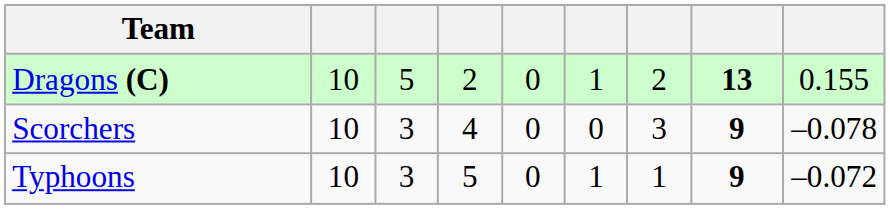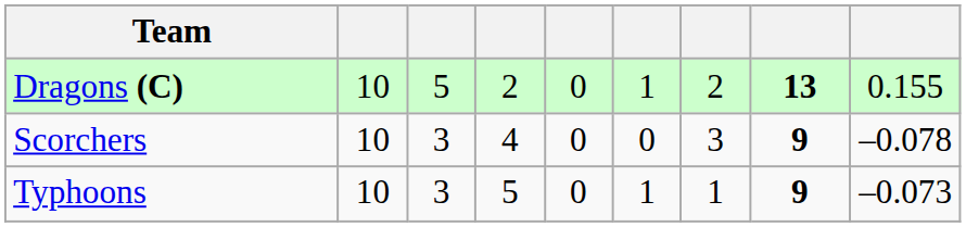 <table class="wikitable" style="text-align:center">
 <tr>
 <th width="150">Team</th>
 <th width="25"></th>
 <th width="25"></th>
 <th width="25"></th>
 <th width="25"></th>
 <th width="25"></th>
 <th width="25"></th>
 <th width="40"></th>
 <th width="45"></th>
 </tr>
 <tr style="background:#cfc">
 <td style="text-align:left"><a href='#'>Dragons</a> <strong>(C)</strong></td>
 <td>10</td>
 <td>5</td>
 <td>2</td>
 <td>0</td>
 <td>1</td>
 <td>2</td>
 <td><strong>13</strong></td>
 <td>0.155</td>
 </tr>
 <tr>
 <td style="text-align:left"><a href='#'>Scorchers</a></td>
 <td>10</td>
 <td>3</td>
 <td>4</td>
 <td>0</td>
 <td>0</td>
 <td>3</td>
 <td><strong>9</strong></td>
 <td>–0.078</td>
 </tr>
 <tr>
 <td style="text-align:left"><a href='#'>Typhoons</a></td>
 <td>10</td>
 <td>3</td>
 <td>5</td>
 <td>0</td>
 <td>1</td>
 <td>1</td>
 <td><strong>9</strong></td>
-<td>–0.072</td>
+<td>–0.073</td>
 </tr>
 </table>
